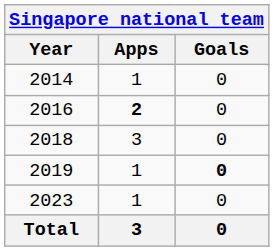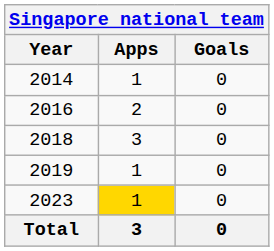 <table class="wikitable" style="text-align:center">
 <tr>
 <th colspan=3><a href='#'>Singapore national team</a></th>
 </tr>
 <tr>
 <th>Year</th>
 <th>Apps</th>
 <th>Goals</th>
 </tr>
 <tr>
 <td>2014</td>
 <td>1</td>
 <td>0</td>
 </tr>
 <tr>
 <td>2016</td>
-<td><strong>2</strong></td>
+<td>2</td>
 <td>0</td>
 </tr>
 <tr>
 <td>2018</td>
 <td>3</td>
 <td>0</td>
 </tr>
 <tr>
 <td>2019</td>
 <td>1</td>
-<td><strong>0</strong></td>
+<td>0</td>
 </tr>
 <tr>
 <td>2023</td>
-<td>1</td>
+<td style="background: gold;">1</td>
 <td>0</td>
 </tr>
 <tr>
 <th>Total</th>
 <th>3</th>
 <th>0</th>
 </tr>
 </table>
